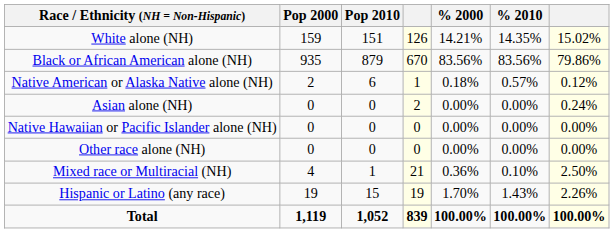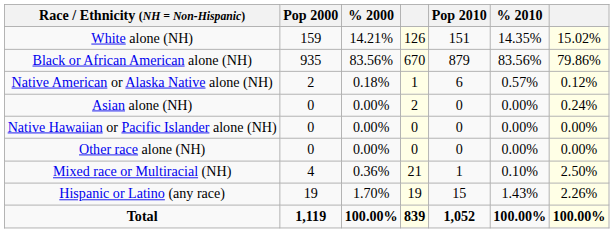 <table class="wikitable" style="text-align:center;">
 <tr>
 <th>Race / Ethnicity <small>(<em>NH = Non-Hispanic</em>)</small></th>
 <th>Pop 2000</th>
+<th>% 2000</th>
+<th></th>
 <th>Pop 2010</th>
-<th></th>
-<th>% 2000</th>
 <th>% 2010</th>
 <th></th>
 </tr>
 <tr>
 <td><a href='#'>White</a> alone (NH)</td>
 <td>159</td>
+<td>14.21%</td>
+<td style='background: #ffffe6;'>126</td>
 <td>151</td>
-<td style='background: #ffffe6;'>126</td>
-<td>14.21%</td>
 <td>14.35%</td>
 <td style='background: #ffffe6;'>15.02%</td>
 </tr>
 <tr>
 <td><a href='#'>Black or African American</a> alone (NH)</td>
 <td>935</td>
+<td>83.56%</td>
+<td style='background: #ffffe6;'>670</td>
 <td>879</td>
-<td style='background: #ffffe6;'>670</td>
-<td>83.56%</td>
 <td>83.56%</td>
 <td style='background: #ffffe6;'>79.86%</td>
 </tr>
 <tr>
 <td><a href='#'>Native American</a> or <a href='#'>Alaska Native</a> alone (NH)</td>
 <td>2</td>
+<td>0.18%</td>
+<td style='background: #ffffe6;'>1</td>
 <td>6</td>
-<td style='background: #ffffe6;'>1</td>
-<td>0.18%</td>
 <td>0.57%</td>
 <td style='background: #ffffe6;'>0.12%</td>
 </tr>
 <tr>
 <td><a href='#'>Asian</a> alone (NH)</td>
 <td>0</td>
+<td>0.00%</td>
+<td style='background: #ffffe6;'>2</td>
 <td>0</td>
-<td style='background: #ffffe6;'>2</td>
-<td>0.00%</td>
 <td>0.00%</td>
 <td style='background: #ffffe6;'>0.24%</td>
 </tr>
 <tr>
 <td><a href='#'>Native Hawaiian</a> or <a href='#'>Pacific Islander</a> alone (NH)</td>
 <td>0</td>
+<td>0.00%</td>
+<td style='background: #ffffe6;'>0</td>
 <td>0</td>
-<td style='background: #ffffe6;'>0</td>
-<td>0.00%</td>
 <td>0.00%</td>
 <td style='background: #ffffe6;'>0.00%</td>
 </tr>
 <tr>
 <td><a href='#'>Other race</a> alone (NH)</td>
 <td>0</td>
+<td>0.00%</td>
+<td style='background: #ffffe6;'>0</td>
 <td>0</td>
-<td style='background: #ffffe6;'>0</td>
-<td>0.00%</td>
 <td>0.00%</td>
 <td style='background: #ffffe6;'>0.00%</td>
 </tr>
 <tr>
 <td><a href='#'>Mixed race or Multiracial</a> (NH)</td>
 <td>4</td>
+<td>0.36%</td>
+<td style='background: #ffffe6;'>21</td>
 <td>1</td>
-<td style='background: #ffffe6;'>21</td>
-<td>0.36%</td>
 <td>0.10%</td>
 <td style='background: #ffffe6;'>2.50%</td>
 </tr>
 <tr>
 <td><a href='#'>Hispanic or Latino</a> (any race)</td>
 <td>19</td>
+<td>1.70%</td>
+<td style='background: #ffffe6;'>19</td>
 <td>15</td>
-<td style='background: #ffffe6;'>19</td>
-<td>1.70%</td>
 <td>1.43%</td>
 <td style='background: #ffffe6;'>2.26%</td>
 </tr>
 <tr>
 <td><strong>Total</strong></td>
 <td><strong>1,119</strong></td>
+<td><strong>100.00%</strong></td>
+<td style='background: #ffffe6;'><strong>839</strong></td>
 <td><strong>1,052</strong></td>
-<td style='background: #ffffe6;'><strong>839</strong></td>
-<td><strong>100.00%</strong></td>
 <td><strong>100.00%</strong></td>
 <td style='background: #ffffe6;'><strong>100.00%</strong></td>
 </tr>
 </table>
